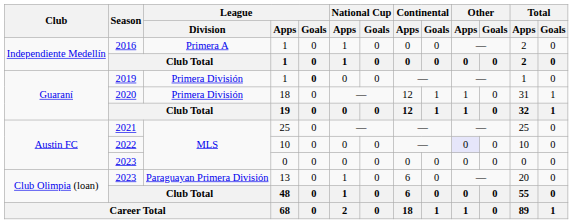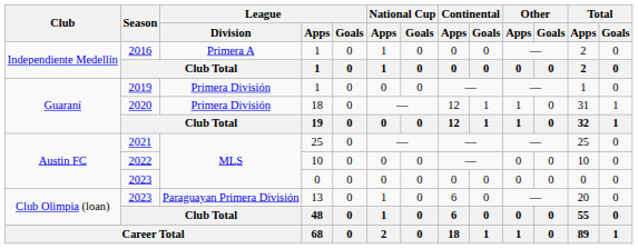 <table class="wikitable" style="text-align:center">
 <tr>
 <th rowspan="2">Club</th>
 <th rowspan="2">Season</th>
 <th colspan="3">League</th>
 <th colspan="2">National Cup</th>
 <th colspan="2">Continental</th>
 <th colspan="2">Other</th>
 <th colspan="2">Total</th>
 </tr>
 <tr>
 <th>Division</th>
 <th>Apps</th>
 <th>Goals</th>
 <th>Apps</th>
 <th>Goals</th>
 <th>Apps</th>
 <th>Goals</th>
 <th>Apps</th>
 <th>Goals</th>
 <th>Apps</th>
 <th>Goals</th>
 </tr>
 <tr>
 <td rowspan=2><a href='#'>Independiente Medellín</a></td>
 <td><a href='#'>2016</a></td>
 <td><a href='#'>Primera A</a></td>
 <td>1</td>
 <td>0</td>
 <td>1</td>
 <td>0</td>
 <td>0</td>
 <td>0</td>
 <td colspan="2">—</td>
 <td>2</td>
 <td>0</td>
 </tr>
 <tr>
 <th colspan=2>Club Total</th>
 <th>1</th>
 <th>0</th>
 <th>1</th>
 <th>0</th>
 <th>0</th>
 <th>0</th>
 <th>0</th>
 <th>0</th>
 <th>2</th>
 <th>0</th>
 </tr>
 <tr>
 <td rowspan="3"><a href='#'>Guaraní</a></td>
 <td><a href='#'>2019</a></td>
 <td><a href='#'>Primera División</a></td>
 <td>1</td>
-<td><strong>0</strong></td>
+<td>0</td>
 <td>0</td>
 <td>0</td>
 <td colspan="2">—</td>
 <td colspan="2">—</td>
 <td>1</td>
 <td>0</td>
 </tr>
 <tr>
 <td><a href='#'>2020</a></td>
 <td><a href='#'>Primera División</a></td>
 <td>18</td>
 <td>0</td>
 <td colspan="2">—</td>
 <td>12</td>
 <td>1</td>
 <td>1</td>
 <td>0</td>
 <td>31</td>
 <td>1</td>
 </tr>
 <tr>
 <th colspan="2">Club Total</th>
 <th>19</th>
 <th>0</th>
 <th>0</th>
 <th>0</th>
 <th>12</th>
 <th>1</th>
 <th>1</th>
 <th>0</th>
 <th>32</th>
 <th>1</th>
 </tr>
 <tr>
 <td rowspan=3><a href='#'>Austin FC</a></td>
 <td><a href='#'>2021</a></td>
 <td rowspan=3><a href='#'>MLS</a></td>
 <td>25</td>
 <td>0</td>
 <td colspan=2>—</td>
 <td colspan=2>—</td>
 <td colspan=2>—</td>
 <td>25</td>
 <td>0</td>
 </tr>
 <tr>
 <td><a href='#'>2022</a></td>
 <td>10</td>
 <td>0</td>
 <td>0</td>
 <td>0</td>
 <td colspan=2>—</td>
-<td style="background: lavender;">0</td>
+<td>0</td>
 <td>0</td>
 <td>10</td>
 <td>0</td>
 </tr>
 <tr>
 <td><a href='#'>2023</a></td>
 <td>0</td>
 <td>0</td>
 <td>0</td>
 <td>0</td>
 <td>0</td>
 <td>0</td>
 <td>0</td>
 <td>0</td>
 <td>0</td>
 <td>0</td>
 </tr>
 <tr>
 <td rowspan=2><a href='#'>Club Olimpia</a> (loan)</td>
 <td><a href='#'>2023</a></td>
 <td><a href='#'>Paraguayan Primera División</a></td>
 <td>13</td>
 <td>0</td>
 <td>1</td>
 <td>0</td>
 <td>6</td>
 <td>0</td>
 <td colspan=2>—</td>
 <td>20</td>
 <td>0</td>
 </tr>
 <tr>
 <th colspan=2>Club Total</th>
 <th>48</th>
 <th>0</th>
 <th>1</th>
 <th>0</th>
 <th>6</th>
 <th>0</th>
 <th>0</th>
 <th>0</th>
 <th>55</th>
 <th>0</th>
 </tr>
 <tr>
 <th colspan="3">Career Total</th>
 <th>68</th>
 <th>0</th>
 <th>2</th>
 <th>0</th>
 <th>18</th>
 <th>1</th>
 <th>1</th>
 <th>0</th>
 <th>89</th>
 <th>1</th>
 </tr>
 </table>
